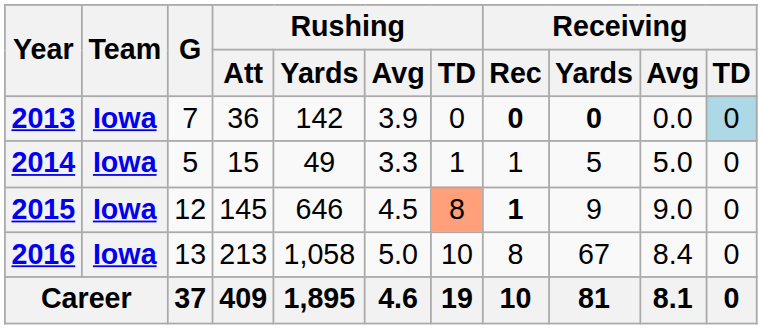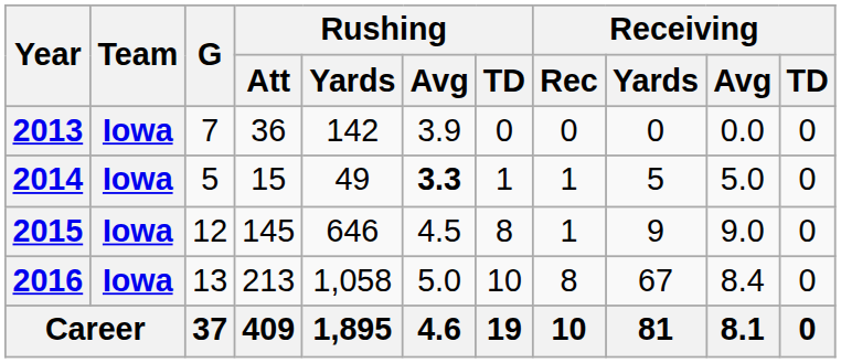 <table class="wikitable" style="text-align:center">
 <tr align=center>
 <th rowspan="2">Year</th>
 <th rowspan="2">Team</th>
 <th rowspan="2">G</th>
 <th colspan="4">Rushing</th>
 <th colspan="4">Receiving</th>
 </tr>
 <tr>
 <th>Att</th>
 <th>Yards</th>
 <th>Avg</th>
 <th>TD</th>
 <th>Rec</th>
 <th>Yards</th>
 <th>Avg</th>
 <th>TD</th>
 </tr>
 <tr>
 <th><a href='#'>2013</a></th>
 <th><a href='#'>Iowa</a></th>
 <td>7</td>
 <td>36</td>
 <td>142</td>
 <td>3.9</td>
 <td>0</td>
-<td><strong>0</strong></td>
-<td><strong>0</strong></td>
+<td>0</td>
+<td>0</td>
 <td>0.0</td>
-<td style="background: lightblue;">0</td>
+<td>0</td>
 </tr>
 <tr>
 <th><a href='#'>2014</a></th>
 <th><a href='#'>Iowa</a></th>
 <td>5</td>
 <td>15</td>
 <td>49</td>
-<td>3.3</td>
+<td><strong>3.3</strong></td>
 <td>1</td>
 <td>1</td>
 <td>5</td>
 <td>5.0</td>
 <td>0</td>
 </tr>
 <tr>
 <th><a href='#'>2015</a></th>
 <th><a href='#'>Iowa</a></th>
 <td>12</td>
 <td>145</td>
 <td>646</td>
 <td>4.5</td>
-<td style="background: lightsalmon;">8</td>
-<td><strong>1</strong></td>
+<td>8</td>
+<td>1</td>
 <td>9</td>
 <td>9.0</td>
 <td>0</td>
 </tr>
 <tr>
 <th><a href='#'>2016</a></th>
 <th><a href='#'>Iowa</a></th>
 <td>13</td>
 <td>213</td>
 <td>1,058</td>
 <td>5.0</td>
 <td>10</td>
 <td>8</td>
 <td>67</td>
 <td>8.4</td>
 <td>0</td>
 </tr>
 <tr>
 <th colspan="2">Career</th>
 <th>37</th>
 <th>409</th>
 <th>1,895</th>
 <th>4.6</th>
 <th>19</th>
 <th>10</th>
 <th>81</th>
 <th>8.1</th>
 <th>0</th>
 </tr>
 </table>
